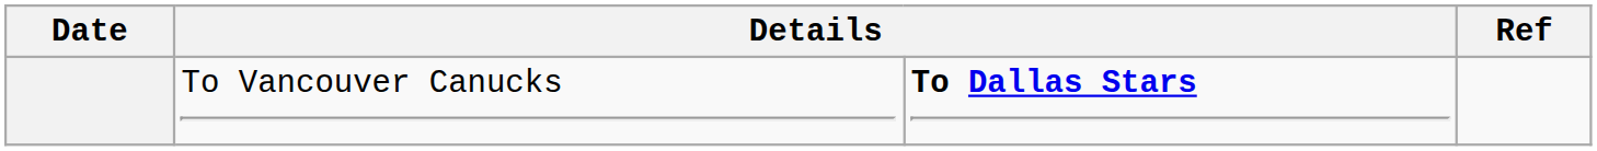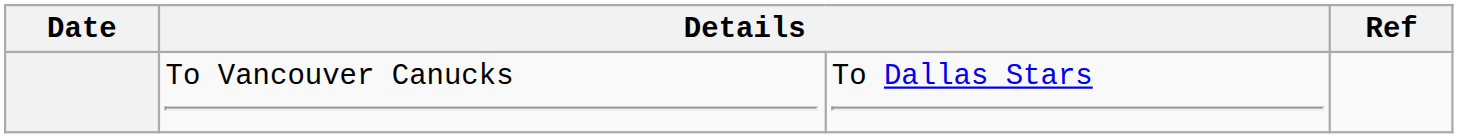 <table class="wikitable plainrowheaders" style="width: 50em;">
 <tr>
 <th scope="col">Date</th>
 <th scope="col" colspan="2">Details</th>
 <th scope="col">Ref</th>
 </tr>
 <tr>
 <th scope="row"></th>
 <td valign="top">To Vancouver Canucks <hr></td>
-<td valign="top"><strong>To <a href='#'>Dallas Stars</a> <hr></strong></td>
+<td valign="top">To <a href='#'>Dallas Stars</a> <hr></td>
 <td></td>
 </tr>
 </table>
